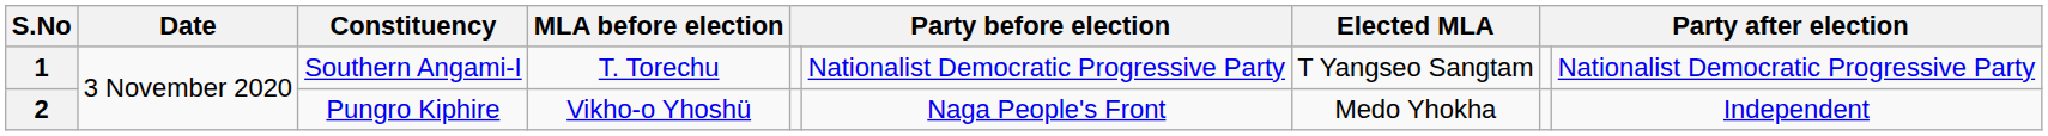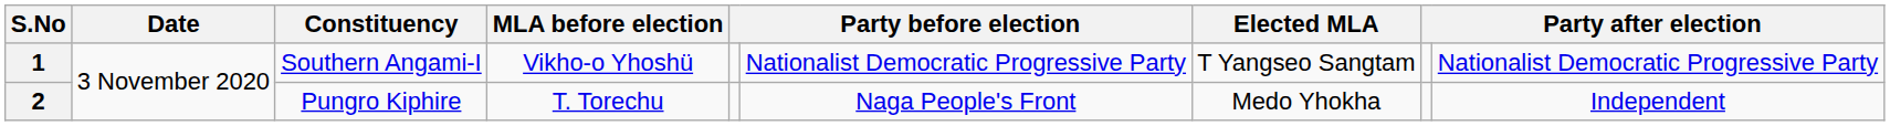 <table class="wikitable sortable" style="text-align:center;">
 <tr>
 <th>S.No</th>
 <th>Date</th>
 <th>Constituency</th>
 <th>MLA before election</th>
 <th colspan="2">Party before election</th>
 <th>Elected MLA</th>
 <th colspan="2">Party after election</th>
 </tr>
 <tr>
 <th>1</th>
 <td rowspan="2">3 November 2020</td>
 <td><a href='#'>Southern Angami-I</a></td>
-<td><a href='#'>T. Torechu</a></td>
+<td><a href='#'>Vikho-o Yhoshü</a></td>
 <td></td>
 <td><a href='#'>Nationalist Democratic Progressive Party</a></td>
 <td>T Yangseo Sangtam</td>
 <td></td>
 <td><a href='#'>Nationalist Democratic Progressive Party</a></td>
 </tr>
 <tr>
 <th>2</th>
 <td><a href='#'>Pungro Kiphire</a></td>
-<td><a href='#'>Vikho-o Yhoshü</a></td>
+<td><a href='#'>T. Torechu</a></td>
 <td></td>
 <td><a href='#'>Naga People's Front</a></td>
 <td>Medo Yhokha</td>
 <td></td>
 <td><a href='#'>Independent</a></td>
 </tr>
 </table>
